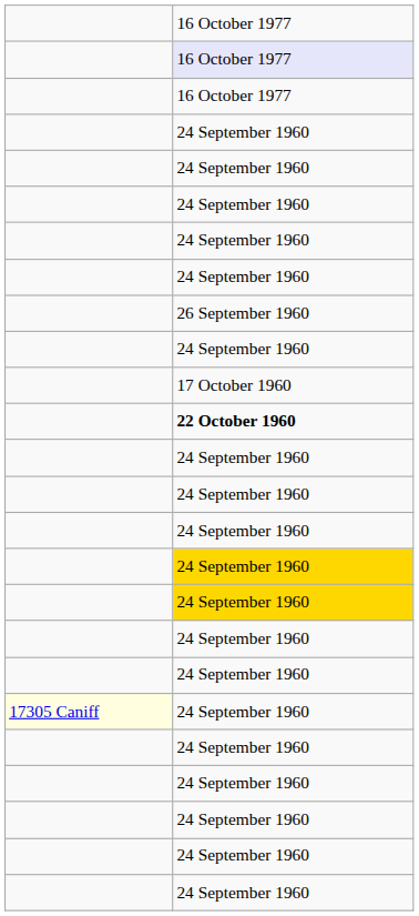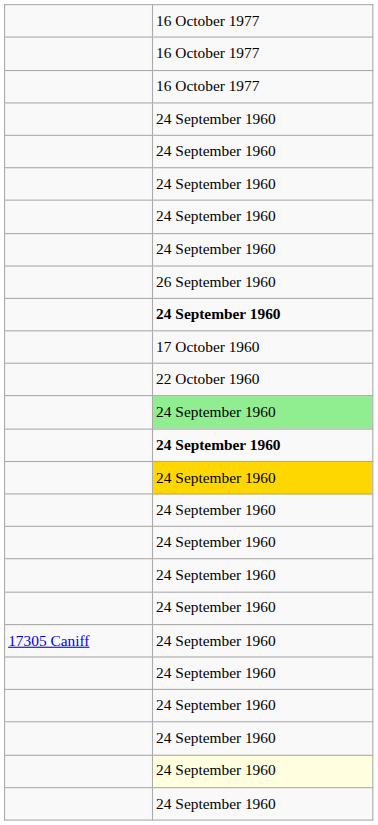 <table class="wikitable" style="font-size: 89%; float: left; width: 24em; margin-right: 1em; line-height: 1.65em">
 <tr>
 <td></td>
 <td>16 October 1977</td>
 </tr>
 <tr>
 <td></td>
-<td style="background: lavender;">16 October 1977</td>
+<td>16 October 1977</td>
 </tr>
 <tr>
 <td></td>
 <td>16 October 1977</td>
 </tr>
 <tr>
 <td></td>
 <td>24 September 1960</td>
 </tr>
 <tr>
 <td></td>
 <td>24 September 1960</td>
 </tr>
 <tr>
 <td></td>
 <td>24 September 1960</td>
 </tr>
 <tr>
 <td></td>
 <td>24 September 1960</td>
 </tr>
 <tr>
 <td></td>
 <td>24 September 1960</td>
 </tr>
 <tr>
 <td></td>
 <td>26 September 1960</td>
 </tr>
 <tr>
 <td></td>
-<td>24 September 1960</td>
+<td><strong>24 September 1960</strong></td>
 </tr>
 <tr>
 <td></td>
 <td>17 October 1960</td>
 </tr>
 <tr>
 <td></td>
-<td><strong>22 October 1960</strong></td>
+<td>22 October 1960</td>
 </tr>
 <tr>
 <td></td>
-<td>24 September 1960</td>
+<td style="background: lightgreen;">24 September 1960</td>
 </tr>
 <tr>
 <td></td>
-<td>24 September 1960</td>
-</tr>
-<tr>
-<td></td>
-<td>24 September 1960</td>
+<td><strong>24 September 1960</strong></td>
 </tr>
 <tr>
 <td></td>
 <td style="background: gold;">24 September 1960</td>
-</tr>
-<tr>
-<td></td>
-<td style="background: gold;">24 September 1960</td>
-</tr>
-<tr>
-<td></td>
-<td>24 September 1960</td>
-</tr>
-<tr>
-<td></td>
-<td>24 September 1960</td>
-</tr>
-<tr>
-<td style="background: lightyellow;"><a href='#'>17305 Caniff</a></td>
-<td>24 September 1960</td>
 </tr>
 <tr>
 <td></td>
 <td>24 September 1960</td>
 </tr>
 <tr>
 <td></td>
 <td>24 September 1960</td>
 </tr>
 <tr>
 <td></td>
 <td>24 September 1960</td>
 </tr>
 <tr>
 <td></td>
 <td>24 September 1960</td>
 </tr>
 <tr>
+<td><a href='#'>17305 Caniff</a></td>
+<td>24 September 1960</td>
+</tr>
+<tr>
+<td></td>
+<td>24 September 1960</td>
+</tr>
+<tr>
+<td></td>
+<td>24 September 1960</td>
+</tr>
+<tr>
+<td></td>
+<td>24 September 1960</td>
+</tr>
+<tr>
+<td></td>
+<td style="background: lightyellow;">24 September 1960</td>
+</tr>
+<tr>
 <td></td>
 <td>24 September 1960</td>
 </tr>
 </table>
